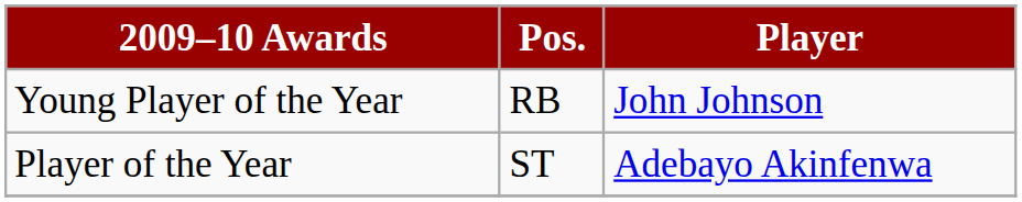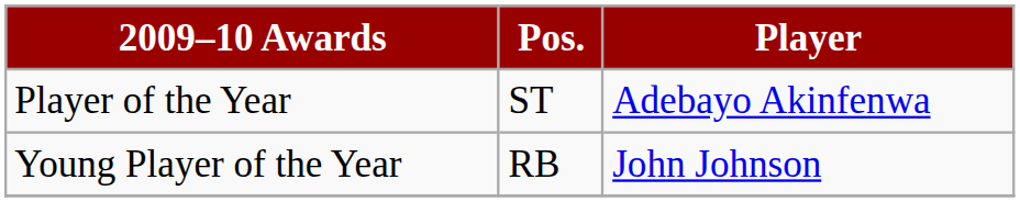 <table class="wikitable" style="text-align:center; font-size:95%;width:45%; text-align:left">
 <tr>
 <th style="background:#990000; color:white;">2009–10 Awards</th>
 <th style="background:#990000; color:white;">Pos.</th>
 <th style="background:#990000; color:white;">Player</th>
 </tr>
 <tr>
+<td>Player of the Year</td>
+<td>ST</td>
+<td><a href='#'>Adebayo Akinfenwa</a></td>
+</tr>
+<tr>
 <td>Young Player of the Year</td>
 <td>RB</td>
 <td><a href='#'>John Johnson</a></td>
 </tr>
 <tr>
-<td>Player of the Year</td>
-<td>ST</td>
-<td><a href='#'>Adebayo Akinfenwa</a></td>
-</tr>
-<tr>
 </tr>
 </table>
